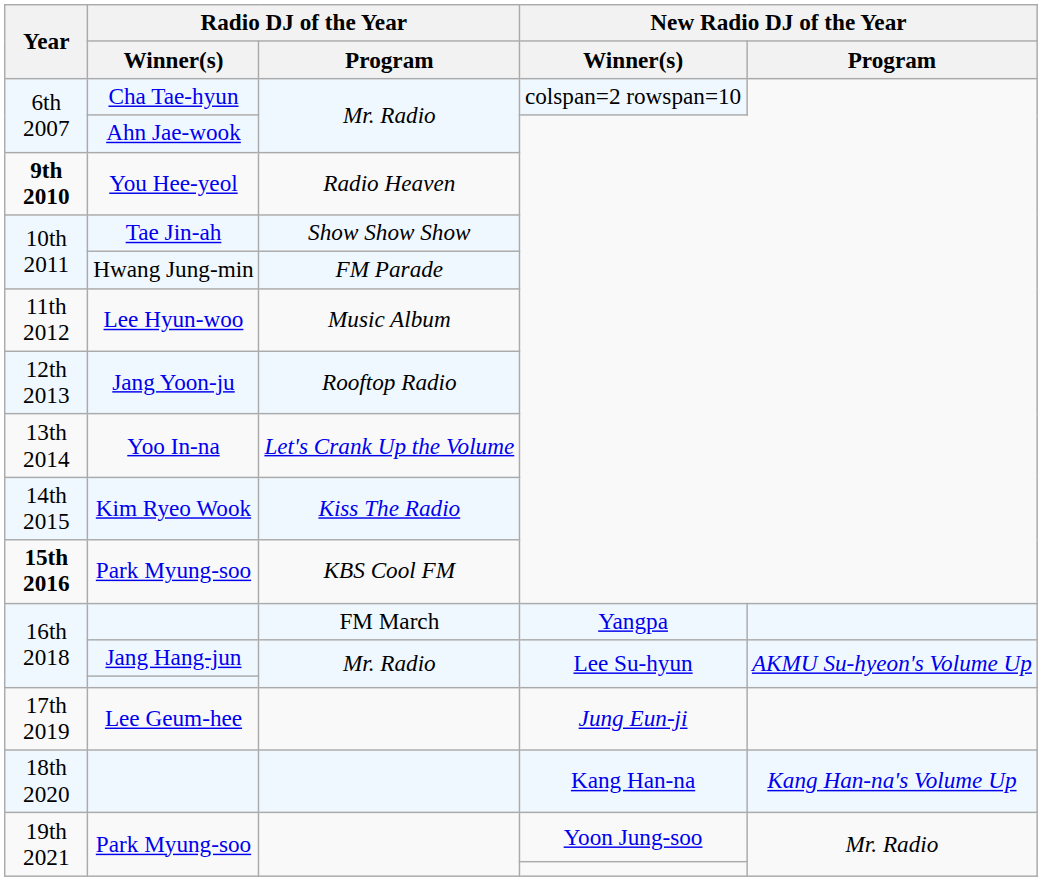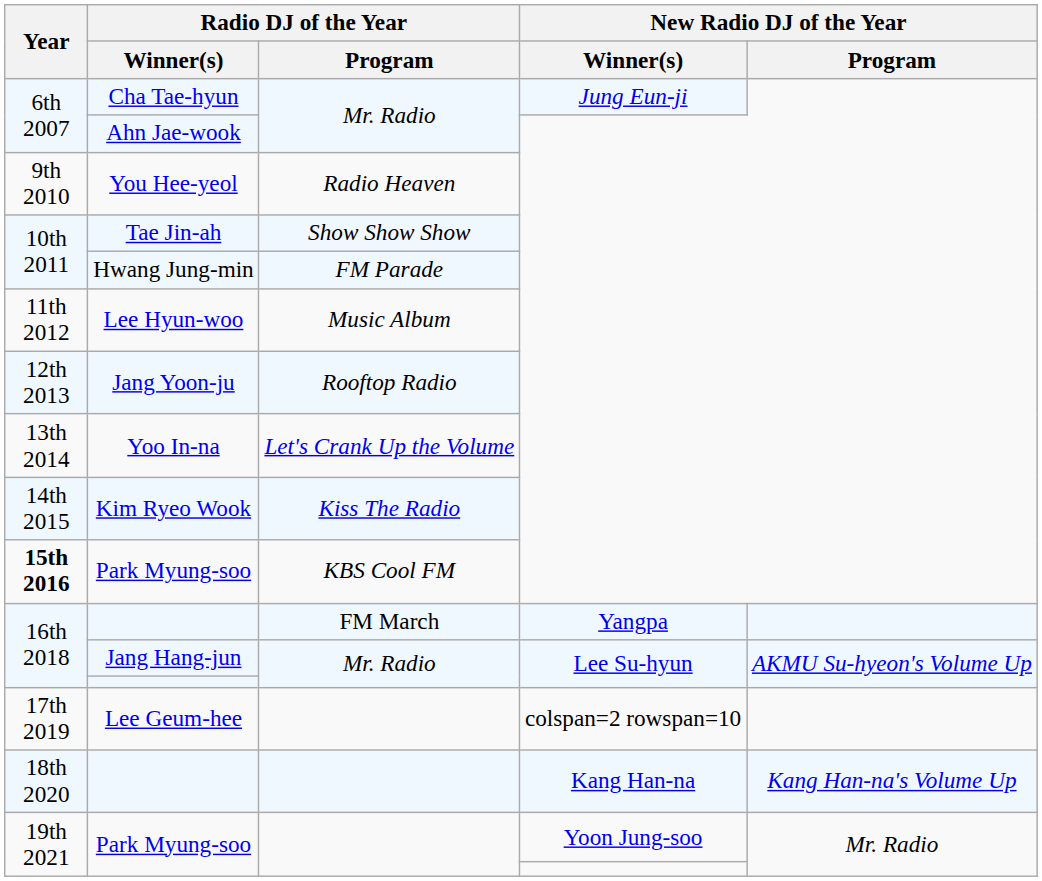 <table class="wikitable" style=text-align:center>
 <tr>
 <th style="width:50px" rowspan=2>Year</th>
 <th colspan=2 style="width:200px">Radio DJ of the Year</th>
 <th colspan=2 style="width:200px">New Radio DJ of the Year</th>
 </tr>
 <tr>
 <th>Winner(s)</th>
 <th>Program</th>
 <th>Winner(s)</th>
 <th>Program</th>
 </tr>
 <tr style="background:#F0F8FF">
 <td rowspan=2>6th<br> 2007</td>
 <td><a href='#'>Cha Tae-hyun</a></td>
 <td rowspan=2><em>Mr. Radio</em></td>
-<td>colspan=2 rowspan=10 </td>
+<td><em><a href='#'>Jung Eun-ji</a></em></td>
 </tr>
 <tr style="background:#F0F8FF">
 <td><a href='#'>Ahn Jae-wook</a></td>
 </tr>
 <tr>
-<td><strong>9th<br> 2010</strong></td>
+<td>9th<br> 2010</td>
 <td><a href='#'>You Hee-yeol</a></td>
 <td><em>Radio Heaven</em></td>
 </tr>
 <tr style="background:#F0F8FF">
 <td rowspan=2>10th<br> 2011</td>
 <td><a href='#'>Tae Jin-ah</a></td>
 <td><em>Show Show Show</em></td>
 </tr>
 <tr style="background:#F0F8FF">
 <td>Hwang Jung-min</td>
 <td><em>FM Parade</em></td>
 </tr>
 <tr>
 <td>11th<br> 2012</td>
 <td><a href='#'>Lee Hyun-woo</a></td>
 <td><em>Music Album</em></td>
 </tr>
 <tr style="background:#F0F8FF">
 <td>12th<br> 2013</td>
 <td><a href='#'>Jang Yoon-ju</a></td>
 <td><em>Rooftop Radio</em></td>
 </tr>
 <tr>
 <td>13th<br> 2014</td>
 <td><a href='#'>Yoo In-na</a></td>
 <td><em><a href='#'>Let's Crank Up the Volume</a></em></td>
 </tr>
 <tr style="background:#F0F8FF">
 <td>14th<br> 2015</td>
 <td><a href='#'>Kim Ryeo Wook</a></td>
 <td><em><a href='#'>Kiss The Radio</a></em></td>
 </tr>
 <tr>
 <td><strong>15th<br> 2016</strong></td>
 <td><a href='#'>Park Myung-soo</a></td>
 <td><em>KBS Cool FM</em></td>
 </tr>
 <tr style="background:#F0F8FF">
 <td rowspan=3>16th<br> 2018<br></td>
 <td></td>
 <td>FM March</td>
 <td><a href='#'>Yangpa</a></td>
 <td><em></em></td>
 </tr>
 <tr style="background:#F0F8FF">
 <td><a href='#'>Jang Hang-jun</a></td>
 <td rowspan="2"><em>Mr. Radio</em></td>
 <td rowspan=2><a href='#'>Lee Su-hyun</a></td>
 <td rowspan=2><a href='#'><em>AKMU Su-hyeon's Volume Up</em></a></td>
 </tr>
 <tr style="background:#F0F8FF">
 <td></td>
 </tr>
 <tr>
 <td>17th<br>2019</td>
 <td><a href='#'>Lee Geum-hee</a></td>
 <td><em></em></td>
-<td><em><a href='#'>Jung Eun-ji</a></em></td>
+<td>colspan=2 rowspan=10 </td>
 <td><em></em></td>
 </tr>
 <tr style="background:#F0F8FF">
 <td>18th<br>2020</td>
 <td></td>
 <td><em></em></td>
 <td><a href='#'>Kang Han-na</a></td>
 <td><em><a href='#'>Kang Han-na's Volume Up</a></em></td>
 </tr>
 <tr>
 <td rowspan=2>19th<br>2021</td>
 <td rowspan=2><a href='#'>Park Myung-soo</a></td>
 <td rowspan=2><em></em></td>
 <td><a href='#'>Yoon Jung-soo</a></td>
 <td rowspan=2><em>Mr. Radio</em></td>
 </tr>
 <tr>
 <td></td>
 </tr>
 </table>
